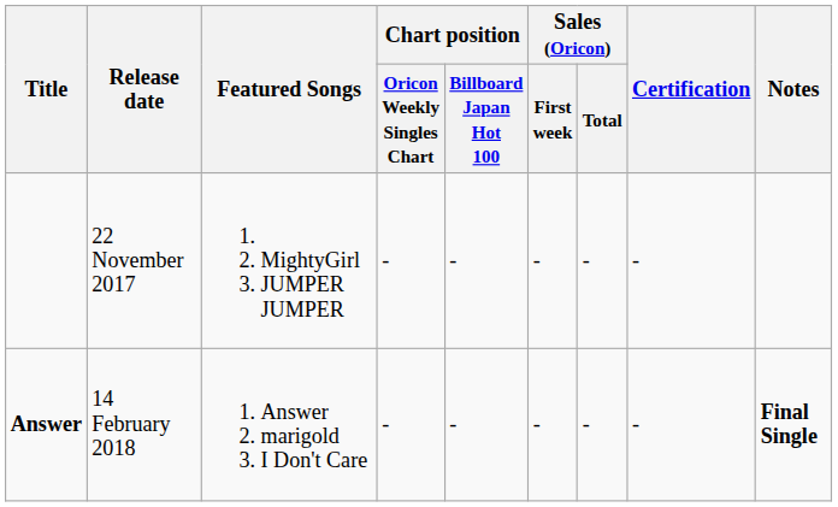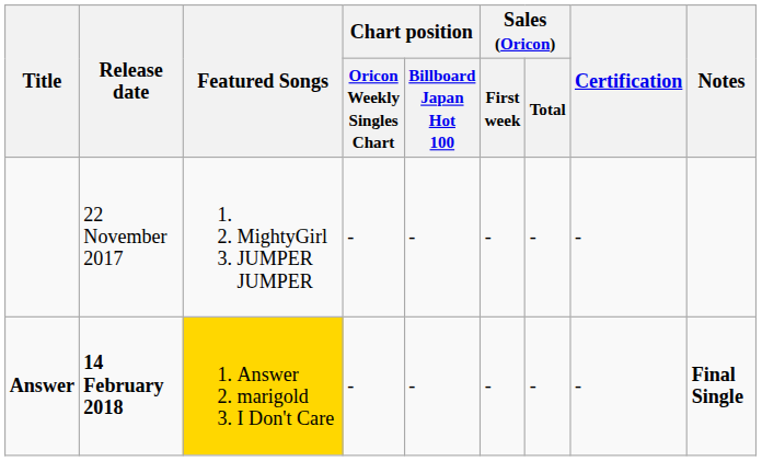 <table class="wikitable">
 <tr>
 <th rowspan="2">Title</th>
 <th rowspan="2">Release date</th>
 <th rowspan="2">Featured Songs</th>
 <th colspan="2">Chart position</th>
 <th colspan="2">Sales<br><small>(<a href='#'>Oricon</a>)</small></th>
 <th rowspan="2"><a href='#'>Certification</a></th>
 <th rowspan="2">Notes</th>
 </tr>
 <tr>
 <th><small><a href='#'>Oricon</a><br>Weekly<br>Singles<br>Chart</small></th>
 <th><small><a href='#'>Billboard<br>Japan</a><br><a href='#'>Hot<br>100</a></small></th>
 <th><small>First<br>week</small></th>
 <th><small>Total</small></th>
 </tr>
 <tr>
 <td><strong></strong></td>
 <td>22 November 2017</td>
 <td><br><ol><li></li><li>MightyGirl</li><li>JUMPER JUMPER</li></ol></td>
 <td>-</td>
 <td>-</td>
 <td>-</td>
 <td>-</td>
 <td>-</td>
 <td></td>
 </tr>
 <tr>
 <td><strong>Answer</strong></td>
-<td>14 February 2018</td>
-<td><br><ol><li>Answer</li><li>marigold</li><li>I Don't Care</li></ol></td>
+<td><strong>14 February 2018</strong></td>
+<td style="background: gold;"><br><ol><li>Answer</li><li>marigold</li><li>I Don't Care</li></ol></td>
 <td>-</td>
 <td>-</td>
 <td>-</td>
 <td>-</td>
 <td>-</td>
 <td><strong>Final Single</strong></td>
 </tr>
 </table>
